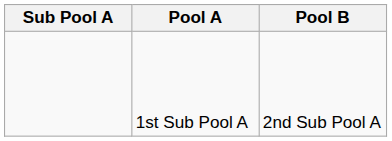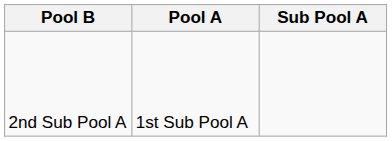 <table class="wikitable">
 <tr>
+<th width=33%>Pool B</th>
+<th width=33%>Pool A</th>
 <th width=33%>Sub Pool A</th>
-<th width=33%>Pool A</th>
-<th width=33%>Pool B</th>
 </tr>
 <tr>
+<td><br><br> <br> <s></s><br> 2nd Sub Pool A</td>
+<td><br><br> <br> <br> 1st Sub Pool A</td>
 <td><br><br> <br> <br> <s></s></td>
-<td><br><br> <br> <br> 1st Sub Pool A</td>
-<td><br><br> <br> <s></s><br> 2nd Sub Pool A</td>
 </tr>
 </table>
